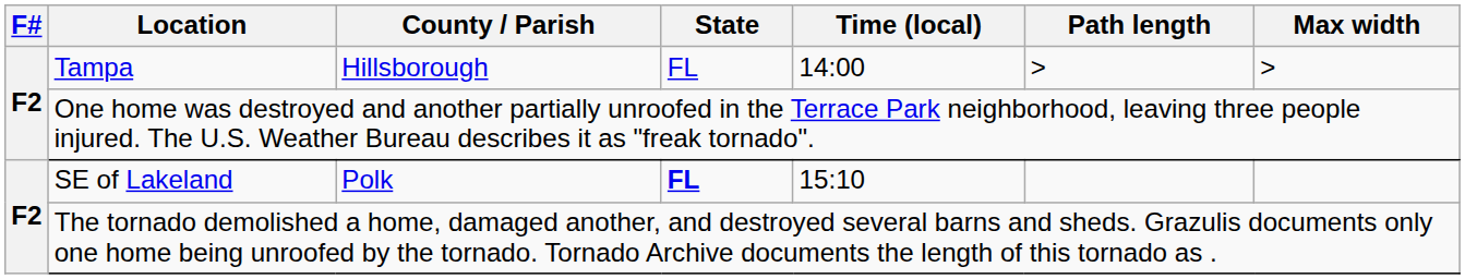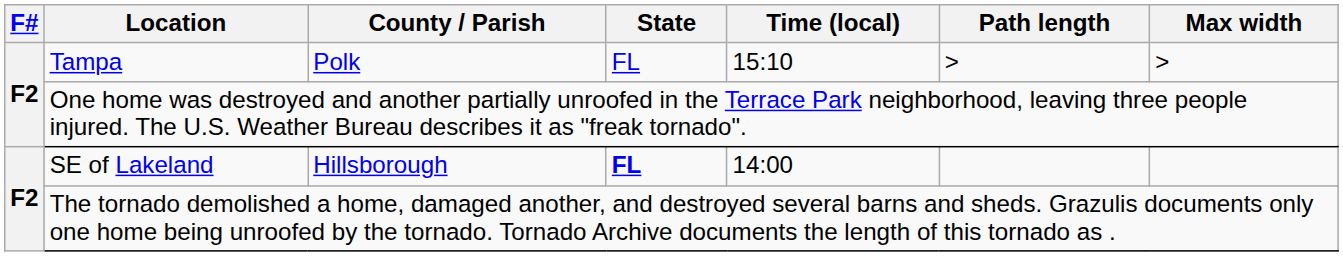 <table class="wikitable sortable" style="width:100%;">
 <tr>
 <th scope="col" align="center"><a href='#'>F#</a><br></th>
 <th scope="col" align="center" class="unsortable">Location</th>
 <th scope="col" align="center" class="unsortable">County / Parish</th>
 <th scope="col" align="center">State</th>
 <th scope="col" align="center">Time (local)</th>
 <th scope="col" align="center">Path length</th>
 <th scope="col" align="center">Max width</th>
 </tr>
 <tr>
 <th scope="row" rowspan="2" style="background-color:#">F2</th>
 <td><a href='#'>Tampa</a></td>
-<td><a href='#'>Hillsborough</a></td>
+<td><a href='#'>Polk</a></td>
 <td><a href='#'>FL</a></td>
-<td>14:00</td>
+<td>15:10</td>
 <td>></td>
 <td>></td>
 </tr>
 <tr class="expand-child">
 <td colspan="6" style=" border-bottom: 1px solid black;">One home was destroyed and another partially unroofed in the <a href='#'>Terrace Park</a> neighborhood, leaving three people injured. The U.S. Weather Bureau describes it as "freak tornado".</td>
 </tr>
 <tr>
 <th scope="row" rowspan="2" style="background-color:#">F2</th>
 <td>SE of <a href='#'>Lakeland</a></td>
-<td><a href='#'>Polk</a></td>
+<td><a href='#'>Hillsborough</a></td>
 <td><strong><a href='#'>FL</a></strong></td>
-<td>15:10</td>
+<td>14:00</td>
 <td></td>
 <td></td>
 </tr>
 <tr class="expand-child">
 <td colspan="6" style=" border-bottom: 1px solid black;">The tornado demolished a home, damaged another, and destroyed several barns and sheds. Grazulis documents only one home being unroofed by the tornado. Tornado Archive documents the length of this tornado as .</td>
 </tr>
 </table>
